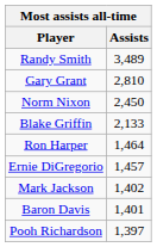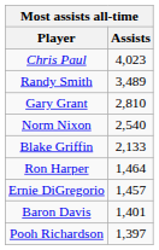 <table class="wikitable sortable" style="text-align:center">
 <tr>
 <th colspan="2">Most assists all-time</th>
 </tr>
 <tr>
 <th>Player</th>
 <th>Assists</th>
+</tr>
+<tr>
+<td><em><a href='#'>Chris Paul</a></em></td>
+<td>4,023</td>
 </tr>
 <tr>
 <td><a href='#'>Randy Smith</a></td>
 <td>3,489</td>
 </tr>
 <tr>
 <td><a href='#'>Gary Grant</a></td>
 <td>2,810</td>
 </tr>
 <tr>
 <td><a href='#'>Norm Nixon</a></td>
-<td>2,450</td>
+<td>2,540</td>
 </tr>
 <tr>
 <td><a href='#'>Blake Griffin</a></td>
 <td>2,133</td>
 </tr>
 <tr>
 <td><a href='#'>Ron Harper</a></td>
 <td>1,464</td>
 </tr>
 <tr>
 <td><a href='#'>Ernie DiGregorio</a></td>
 <td>1,457</td>
 </tr>
 <tr>
-<td><a href='#'>Mark Jackson</a></td>
-<td>1,402</td>
-</tr>
-<tr>
 <td><a href='#'>Baron Davis</a></td>
 <td>1,401</td>
 </tr>
 <tr>
 <td><a href='#'>Pooh Richardson</a></td>
 <td>1,397</td>
 </tr>
 </table>
